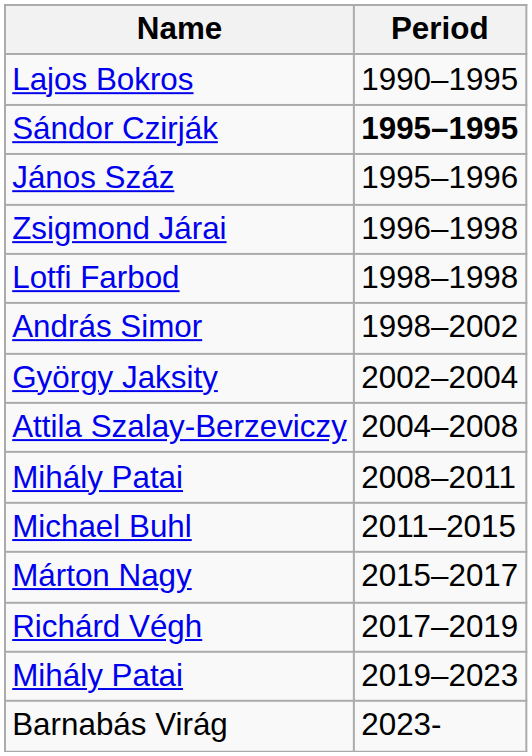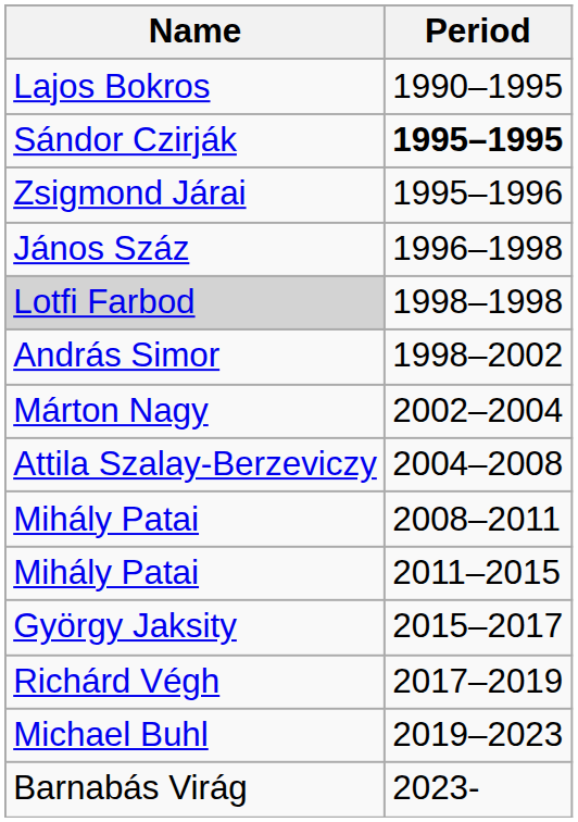 <table class="wikitable">
 <tr>
 <th>Name</th>
 <th>Period</th>
 </tr>
 <tr>
 <td><a href='#'>Lajos Bokros</a></td>
 <td>1990–1995</td>
 </tr>
 <tr>
 <td><a href='#'>Sándor Czirják</a></td>
 <td><strong>1995–1995</strong></td>
 </tr>
 <tr>
-<td><a href='#'>János Száz</a></td>
+<td><a href='#'>Zsigmond Járai</a></td>
 <td>1995–1996</td>
 </tr>
 <tr>
-<td><a href='#'>Zsigmond Járai</a></td>
+<td><a href='#'>János Száz</a></td>
 <td>1996–1998</td>
 </tr>
 <tr>
-<td><a href='#'>Lotfi Farbod</a></td>
+<td style="background: lightgrey;"><a href='#'>Lotfi Farbod</a></td>
 <td>1998–1998</td>
 </tr>
 <tr>
 <td><a href='#'>András Simor</a></td>
 <td>1998–2002</td>
 </tr>
 <tr>
-<td><a href='#'>György Jaksity</a></td>
+<td><a href='#'>Márton Nagy</a></td>
 <td>2002–2004</td>
 </tr>
 <tr>
 <td><a href='#'>Attila Szalay-Berzeviczy</a></td>
 <td>2004–2008</td>
 </tr>
 <tr>
 <td><a href='#'>Mihály Patai</a></td>
 <td>2008–2011</td>
 </tr>
 <tr>
-<td><a href='#'>Michael Buhl</a></td>
+<td><a href='#'>Mihály Patai</a></td>
 <td>2011–2015</td>
 </tr>
 <tr>
-<td><a href='#'>Márton Nagy</a></td>
+<td><a href='#'>György Jaksity</a></td>
 <td>2015–2017</td>
 </tr>
 <tr>
 <td><a href='#'>Richárd Végh</a></td>
 <td>2017–2019</td>
 </tr>
 <tr>
-<td><a href='#'>Mihály Patai</a></td>
+<td><a href='#'>Michael Buhl</a></td>
 <td>2019–2023</td>
 </tr>
 <tr>
 <td>Barnabás Virág</td>
 <td>2023-</td>
 </tr>
 </table>
